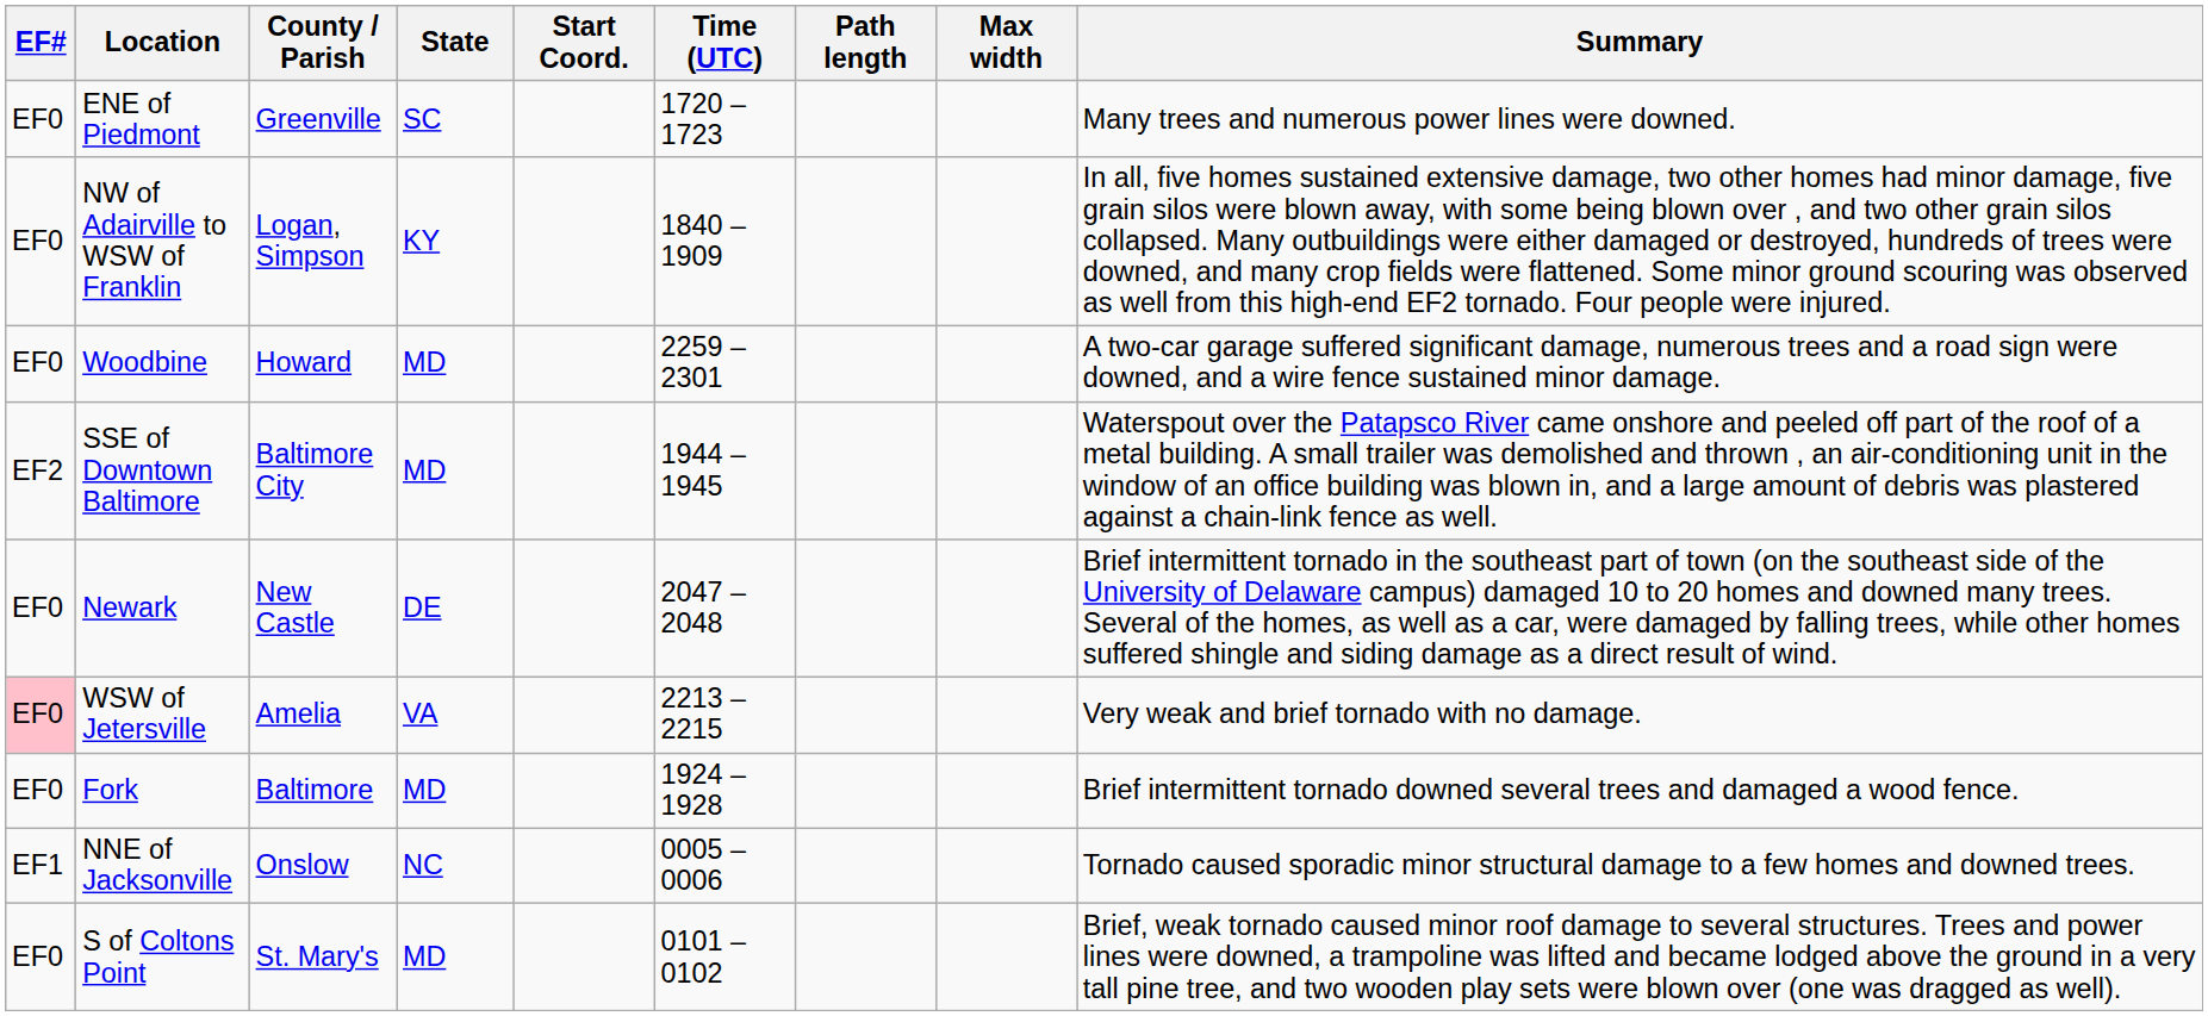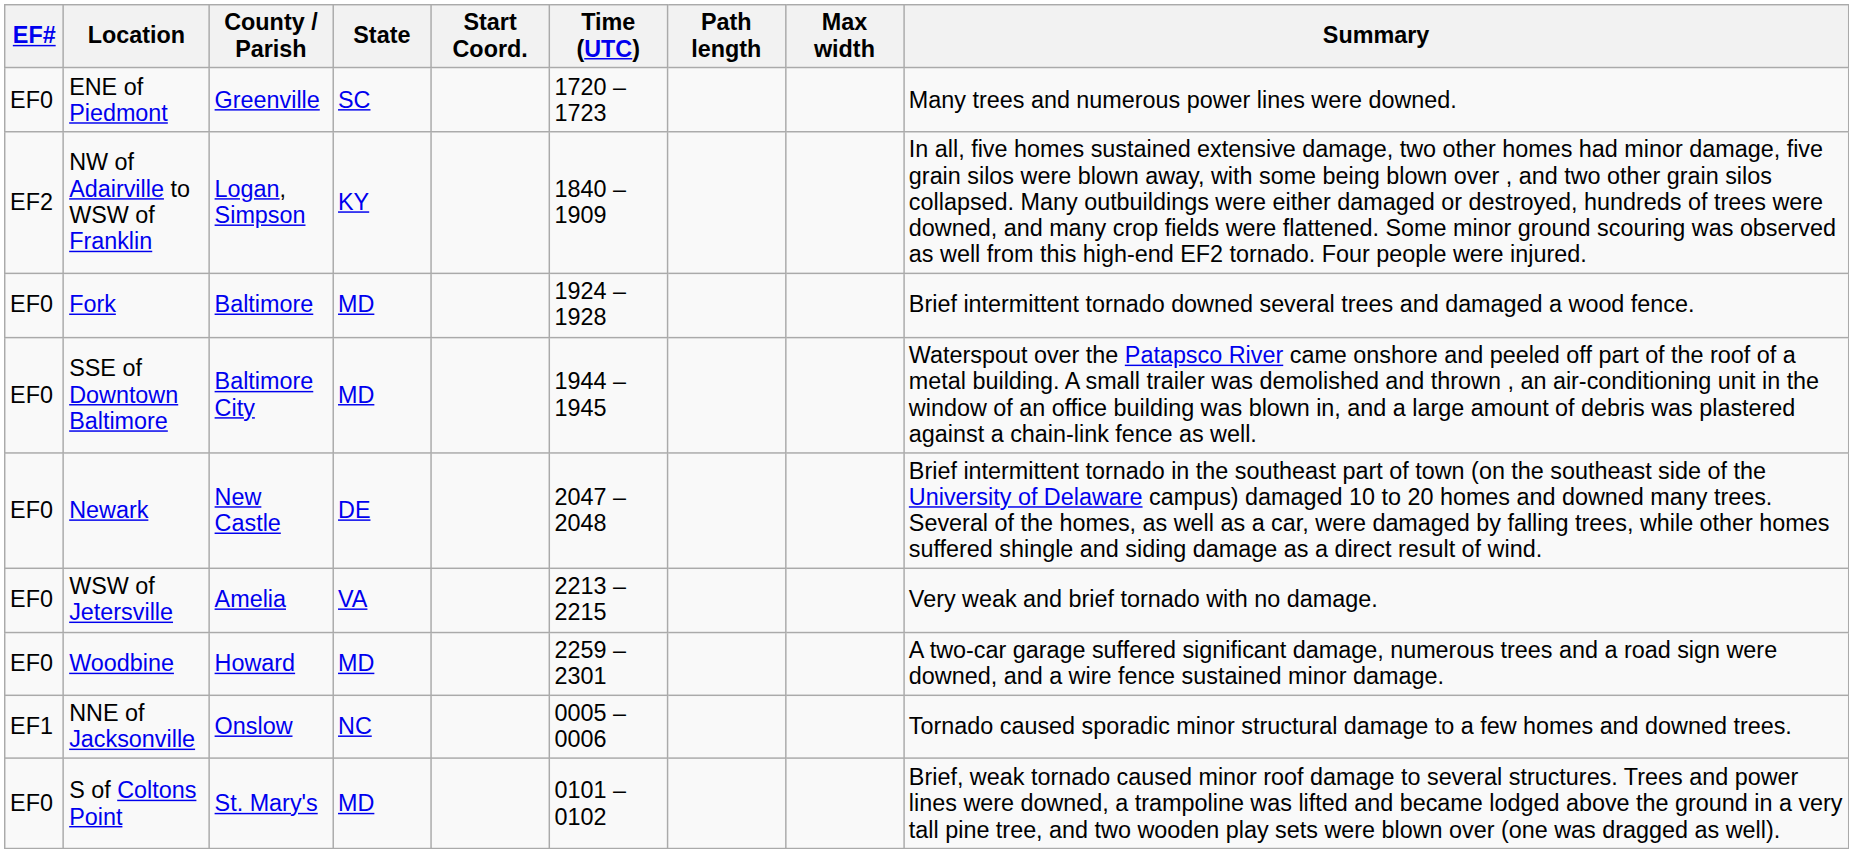 <table class="wikitable sortable" style="width:100%;">
 <tr>
 <th scope="col" width="3%" align="center"><a href='#'>EF#</a></th>
 <th scope="col" width="7%" align="center" class="unsortable">Location</th>
 <th scope="col" width="6%" align="center" class="unsortable">County / Parish</th>
 <th scope="col" width="5%" align="center">State</th>
 <th scope="col" width="6%" align="center">Start Coord.</th>
 <th scope="col" width="6%" align="center">Time (<a href='#'>UTC</a>)</th>
 <th scope="col" width="6%" align="center">Path length</th>
 <th scope="col" width="6%" align="center">Max width</th>
 <th scope="col" width="48%" class="unsortable" align="center">Summary</th>
 </tr>
 <tr>
 <td>EF0</td>
 <td>ENE of <a href='#'>Piedmont</a></td>
 <td><a href='#'>Greenville</a></td>
 <td><a href='#'>SC</a></td>
 <td></td>
 <td>1720 – 1723</td>
 <td></td>
 <td></td>
 <td>Many trees and numerous power lines were downed.</td>
 </tr>
 <tr>
-<td>EF0</td>
+<td>EF2</td>
 <td>NW of <a href='#'>Adairville</a> to WSW of <a href='#'>Franklin</a></td>
 <td><a href='#'>Logan</a>, <a href='#'>Simpson</a></td>
 <td><a href='#'>KY</a></td>
 <td></td>
 <td>1840 – 1909</td>
 <td></td>
 <td></td>
 <td>In all, five homes sustained extensive damage, two other homes had minor damage, five grain silos were blown away, with some being blown over , and two other grain silos collapsed. Many outbuildings were either damaged or destroyed, hundreds of trees were downed, and many crop fields were flattened. Some minor ground scouring was observed as well from this high-end EF2 tornado. Four people were injured.</td>
 </tr>
 <tr>
 <td>EF0</td>
-<td><a href='#'>Woodbine</a></td>
-<td><a href='#'>Howard</a></td>
+<td><a href='#'>Fork</a></td>
+<td><a href='#'>Baltimore</a></td>
 <td><a href='#'>MD</a></td>
 <td></td>
-<td>2259 – 2301</td>
+<td>1924 – 1928</td>
 <td></td>
 <td></td>
-<td>A two-car garage suffered significant damage, numerous trees and a road sign were downed, and a wire fence sustained minor damage.</td>
+<td>Brief intermittent tornado downed several trees and damaged a wood fence.</td>
 </tr>
 <tr>
-<td>EF2</td>
+<td>EF0</td>
 <td>SSE of <a href='#'>Downtown Baltimore</a></td>
 <td><a href='#'>Baltimore City</a></td>
 <td><a href='#'>MD</a></td>
 <td></td>
 <td>1944 – 1945</td>
 <td></td>
 <td></td>
 <td>Waterspout over the <a href='#'>Patapsco River</a> came onshore and peeled off part of the roof of a metal building. A small trailer was demolished and thrown , an air-conditioning unit in the window of an office building was blown in, and a large amount of debris was plastered against a chain-link fence as well.</td>
 </tr>
 <tr>
 <td>EF0</td>
 <td><a href='#'>Newark</a></td>
 <td><a href='#'>New Castle</a></td>
 <td><a href='#'>DE</a></td>
 <td></td>
 <td>2047 – 2048</td>
 <td></td>
 <td></td>
 <td>Brief intermittent tornado in the southeast part of town (on the southeast side of the <a href='#'>University of Delaware</a> campus) damaged 10 to 20 homes and downed many trees. Several of the homes, as well as a car, were damaged by falling trees, while other homes suffered shingle and siding damage as a direct result of wind.</td>
 </tr>
 <tr>
-<td style="background: pink;">EF0</td>
+<td>EF0</td>
 <td>WSW of <a href='#'>Jetersville</a></td>
 <td><a href='#'>Amelia</a></td>
 <td><a href='#'>VA</a></td>
 <td></td>
 <td>2213 – 2215</td>
 <td></td>
 <td></td>
 <td>Very weak and brief tornado with no damage.</td>
 </tr>
 <tr>
 <td>EF0</td>
-<td><a href='#'>Fork</a></td>
-<td><a href='#'>Baltimore</a></td>
+<td><a href='#'>Woodbine</a></td>
+<td><a href='#'>Howard</a></td>
 <td><a href='#'>MD</a></td>
 <td></td>
-<td>1924 – 1928</td>
+<td>2259 – 2301</td>
 <td></td>
 <td></td>
-<td>Brief intermittent tornado downed several trees and damaged a wood fence.</td>
+<td>A two-car garage suffered significant damage, numerous trees and a road sign were downed, and a wire fence sustained minor damage.</td>
 </tr>
 <tr>
 <td>EF1</td>
 <td>NNE of <a href='#'>Jacksonville</a></td>
 <td><a href='#'>Onslow</a></td>
 <td><a href='#'>NC</a></td>
 <td></td>
 <td>0005 – 0006</td>
 <td></td>
 <td></td>
 <td>Tornado caused sporadic minor structural damage to a few homes and downed trees.</td>
 </tr>
 <tr>
 <td>EF0</td>
 <td>S of <a href='#'>Coltons Point</a></td>
 <td><a href='#'>St. Mary's</a></td>
 <td><a href='#'>MD</a></td>
 <td></td>
 <td>0101 – 0102</td>
 <td></td>
 <td></td>
 <td>Brief, weak tornado caused minor roof damage to several structures. Trees and power lines were downed, a trampoline was lifted and became lodged  above the ground in a very tall pine tree, and two wooden play sets were blown over (one was dragged  as well).</td>
 </tr>
 <tr>
 </tr>
 </table>
